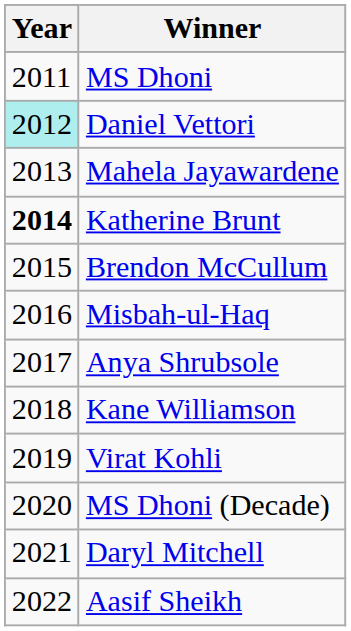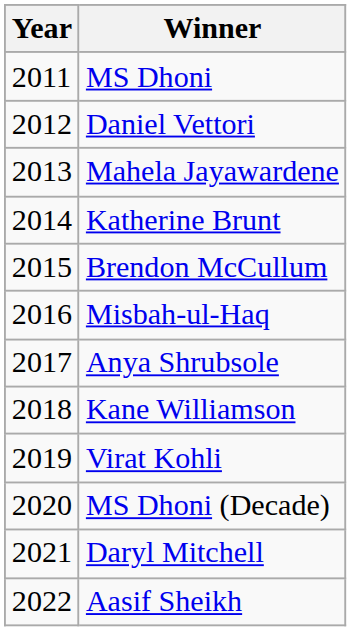 <table class="wikitable">
 <tr>
 <th>Year</th>
 <th>Winner</th>
 </tr>
 <tr>
 <td>2011</td>
 <td> <a href='#'>MS Dhoni</a></td>
 </tr>
 <tr>
-<td style="background: paleturquoise;">2012</td>
+<td>2012</td>
 <td> <a href='#'>Daniel Vettori</a></td>
 </tr>
 <tr>
 <td>2013</td>
 <td> <a href='#'>Mahela Jayawardene</a></td>
 </tr>
 <tr>
-<td><strong>2014</strong></td>
+<td>2014</td>
 <td> <a href='#'>Katherine Brunt</a></td>
 </tr>
 <tr>
 <td>2015</td>
 <td> <a href='#'>Brendon McCullum</a></td>
 </tr>
 <tr>
 <td>2016</td>
 <td> <a href='#'>Misbah-ul-Haq</a></td>
 </tr>
 <tr>
 <td>2017</td>
 <td> <a href='#'>Anya Shrubsole</a></td>
 </tr>
 <tr>
 <td>2018</td>
 <td> <a href='#'>Kane Williamson</a></td>
 </tr>
 <tr>
 <td>2019</td>
 <td> <a href='#'>Virat Kohli</a></td>
 </tr>
 <tr>
 <td>2020</td>
 <td> <a href='#'>MS Dhoni</a> (Decade)</td>
 </tr>
 <tr>
 <td>2021</td>
 <td> <a href='#'>Daryl Mitchell</a></td>
 </tr>
 <tr>
 <td>2022</td>
 <td> <a href='#'>Aasif Sheikh</a></td>
 </tr>
 </table>
